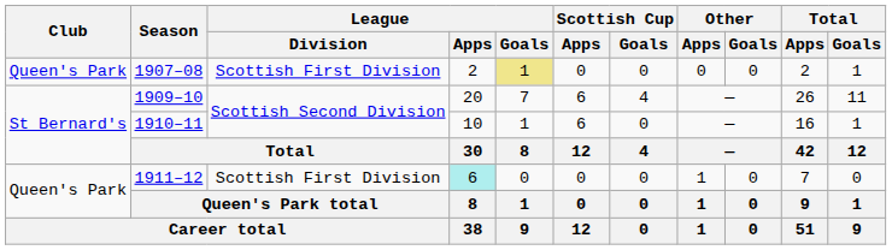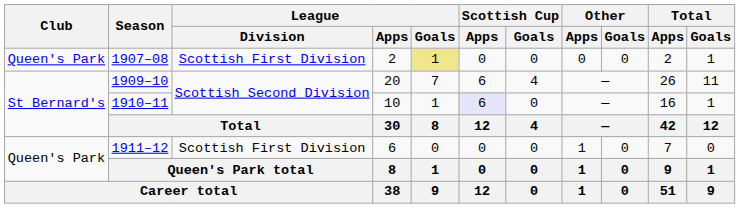 <table class="wikitable" style="text-align: center;">
 <tr>
 <th rowspan="2">Club</th>
 <th rowspan="2">Season</th>
 <th colspan="3">League</th>
 <th colspan="2">Scottish Cup</th>
 <th colspan="2">Other</th>
 <th colspan="2">Total</th>
 </tr>
 <tr>
 <th>Division</th>
 <th>Apps</th>
 <th>Goals</th>
 <th>Apps</th>
 <th>Goals</th>
 <th>Apps</th>
 <th>Goals</th>
 <th>Apps</th>
 <th>Goals</th>
 </tr>
 <tr>
 <td><a href='#'>Queen's Park</a></td>
 <td><a href='#'>1907–08</a></td>
 <td><a href='#'>Scottish First Division</a></td>
 <td>2</td>
 <td style="background: khaki;">1</td>
 <td>0</td>
 <td>0</td>
 <td>0</td>
 <td>0</td>
 <td>2</td>
 <td>1</td>
 </tr>
 <tr>
 <td rowspan="3"><a href='#'>St Bernard's</a></td>
 <td><a href='#'>1909–10</a></td>
 <td rowspan="2"><a href='#'>Scottish Second Division</a></td>
 <td>20</td>
 <td>7</td>
 <td>6</td>
 <td>4</td>
 <td colspan="2">—</td>
 <td>26</td>
 <td>11</td>
 </tr>
 <tr>
 <td><a href='#'>1910–11</a></td>
 <td>10</td>
 <td>1</td>
-<td>6</td>
+<td style="background: lavender;">6</td>
 <td>0</td>
 <td colspan="2">—</td>
 <td>16</td>
 <td>1</td>
 </tr>
 <tr>
 <th colspan="2">Total</th>
 <th>30</th>
 <th>8</th>
 <th>12</th>
 <th>4</th>
 <th colspan="2">—</th>
 <th>42</th>
 <th>12</th>
 </tr>
 <tr>
 <td rowspan="2">Queen's Park</td>
 <td><a href='#'>1911–12</a></td>
 <td>Scottish First Division</td>
-<td style="background: paleturquoise;">6</td>
+<td>6</td>
 <td>0</td>
 <td>0</td>
 <td>0</td>
 <td>1</td>
 <td>0</td>
 <td>7</td>
 <td>0</td>
 </tr>
 <tr>
 <th colspan="2">Queen's Park total</th>
 <th>8</th>
 <th>1</th>
 <th>0</th>
 <th>0</th>
 <th>1</th>
 <th>0</th>
 <th>9</th>
 <th>1</th>
 </tr>
 <tr>
 <th colspan="3">Career total</th>
 <th>38</th>
 <th>9</th>
 <th>12</th>
 <th>0</th>
 <th>1</th>
 <th>0</th>
 <th>51</th>
 <th>9</th>
 </tr>
 </table>
